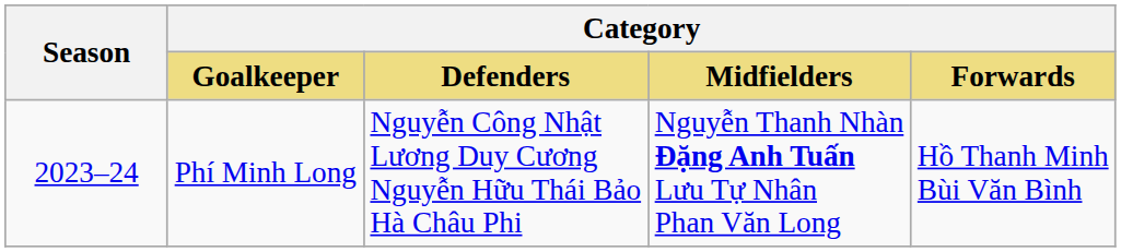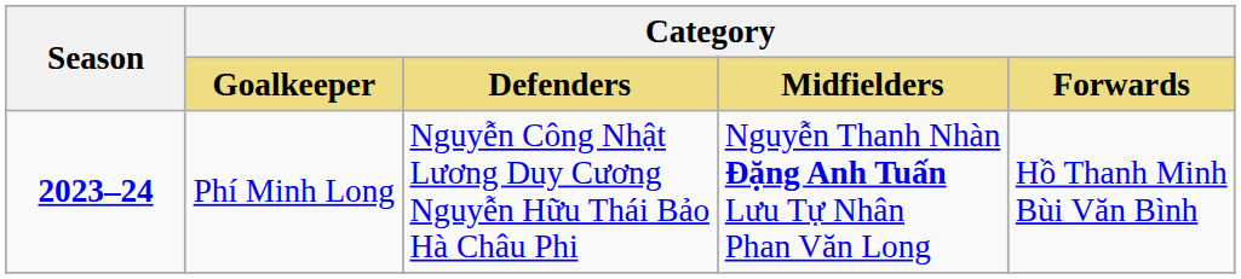 <table class="wikitable">
 <tr>
 <th width="80" rowspan="2">Season</th>
 <th colspan="4">Category</th>
 </tr>
 <tr>
 <th style="background-color: #eedd82">Goalkeeper</th>
 <th style="background-color: #eedd82">Defenders</th>
 <th style="background-color: #eedd82">Midfielders</th>
 <th style="background-color: #eedd82">Forwards</th>
 </tr>
 <tr>
-<td align="center"><a href='#'>2023–24</a></td>
+<td align="center"><strong><a href='#'>2023–24</a></strong></td>
 <td> <a href='#'>Phí Minh Long</a> </td>
 <td> <a href='#'>Nguyễn Công Nhật</a>  <br>  <a href='#'>Lương Duy Cương</a>  <br>  <a href='#'>Nguyễn Hữu Thái Bảo</a>  <br>  <a href='#'>Hà Châu Phi</a> </td>
 <td> <a href='#'>Nguyễn Thanh Nhàn</a>  <br>  <strong><a href='#'>Đặng Anh Tuấn</a></strong>  <br>  <a href='#'>Lưu Tự Nhân</a>  <br>  <a href='#'>Phan Văn Long</a> </td>
 <td> <a href='#'>Hồ Thanh Minh</a>  <br>  <a href='#'>Bùi Văn Bình</a> </td>
 </tr>
 </table>
